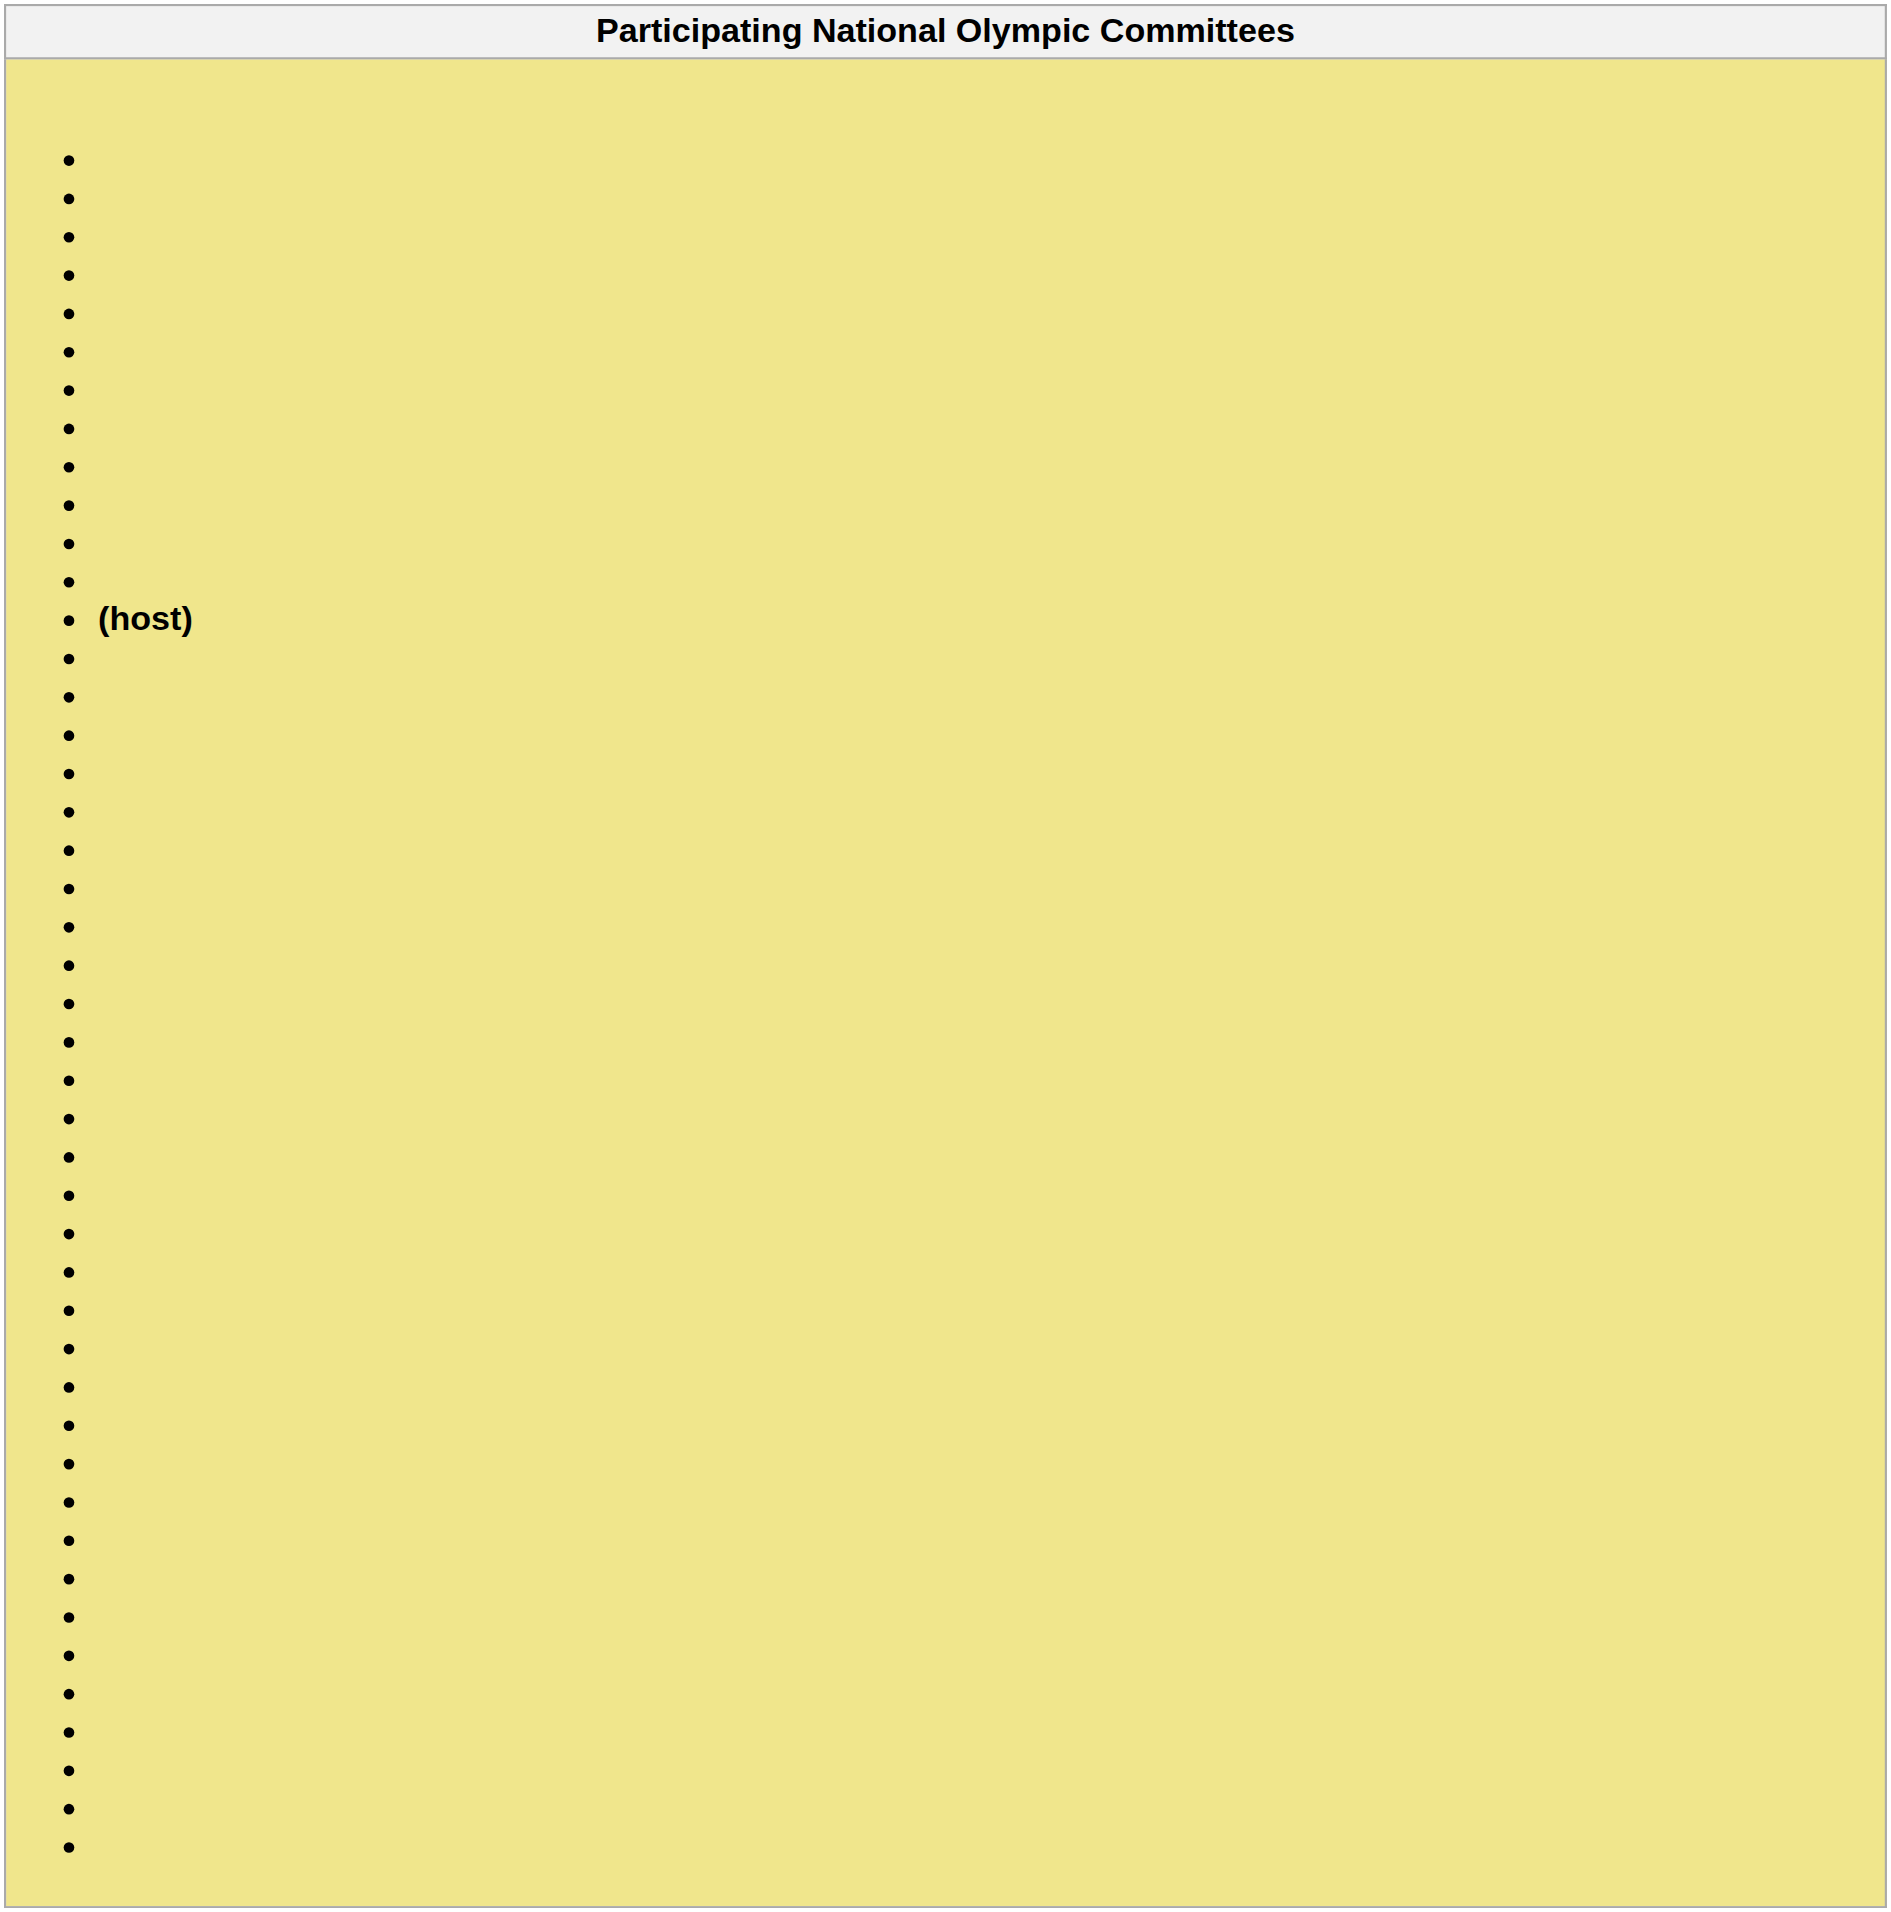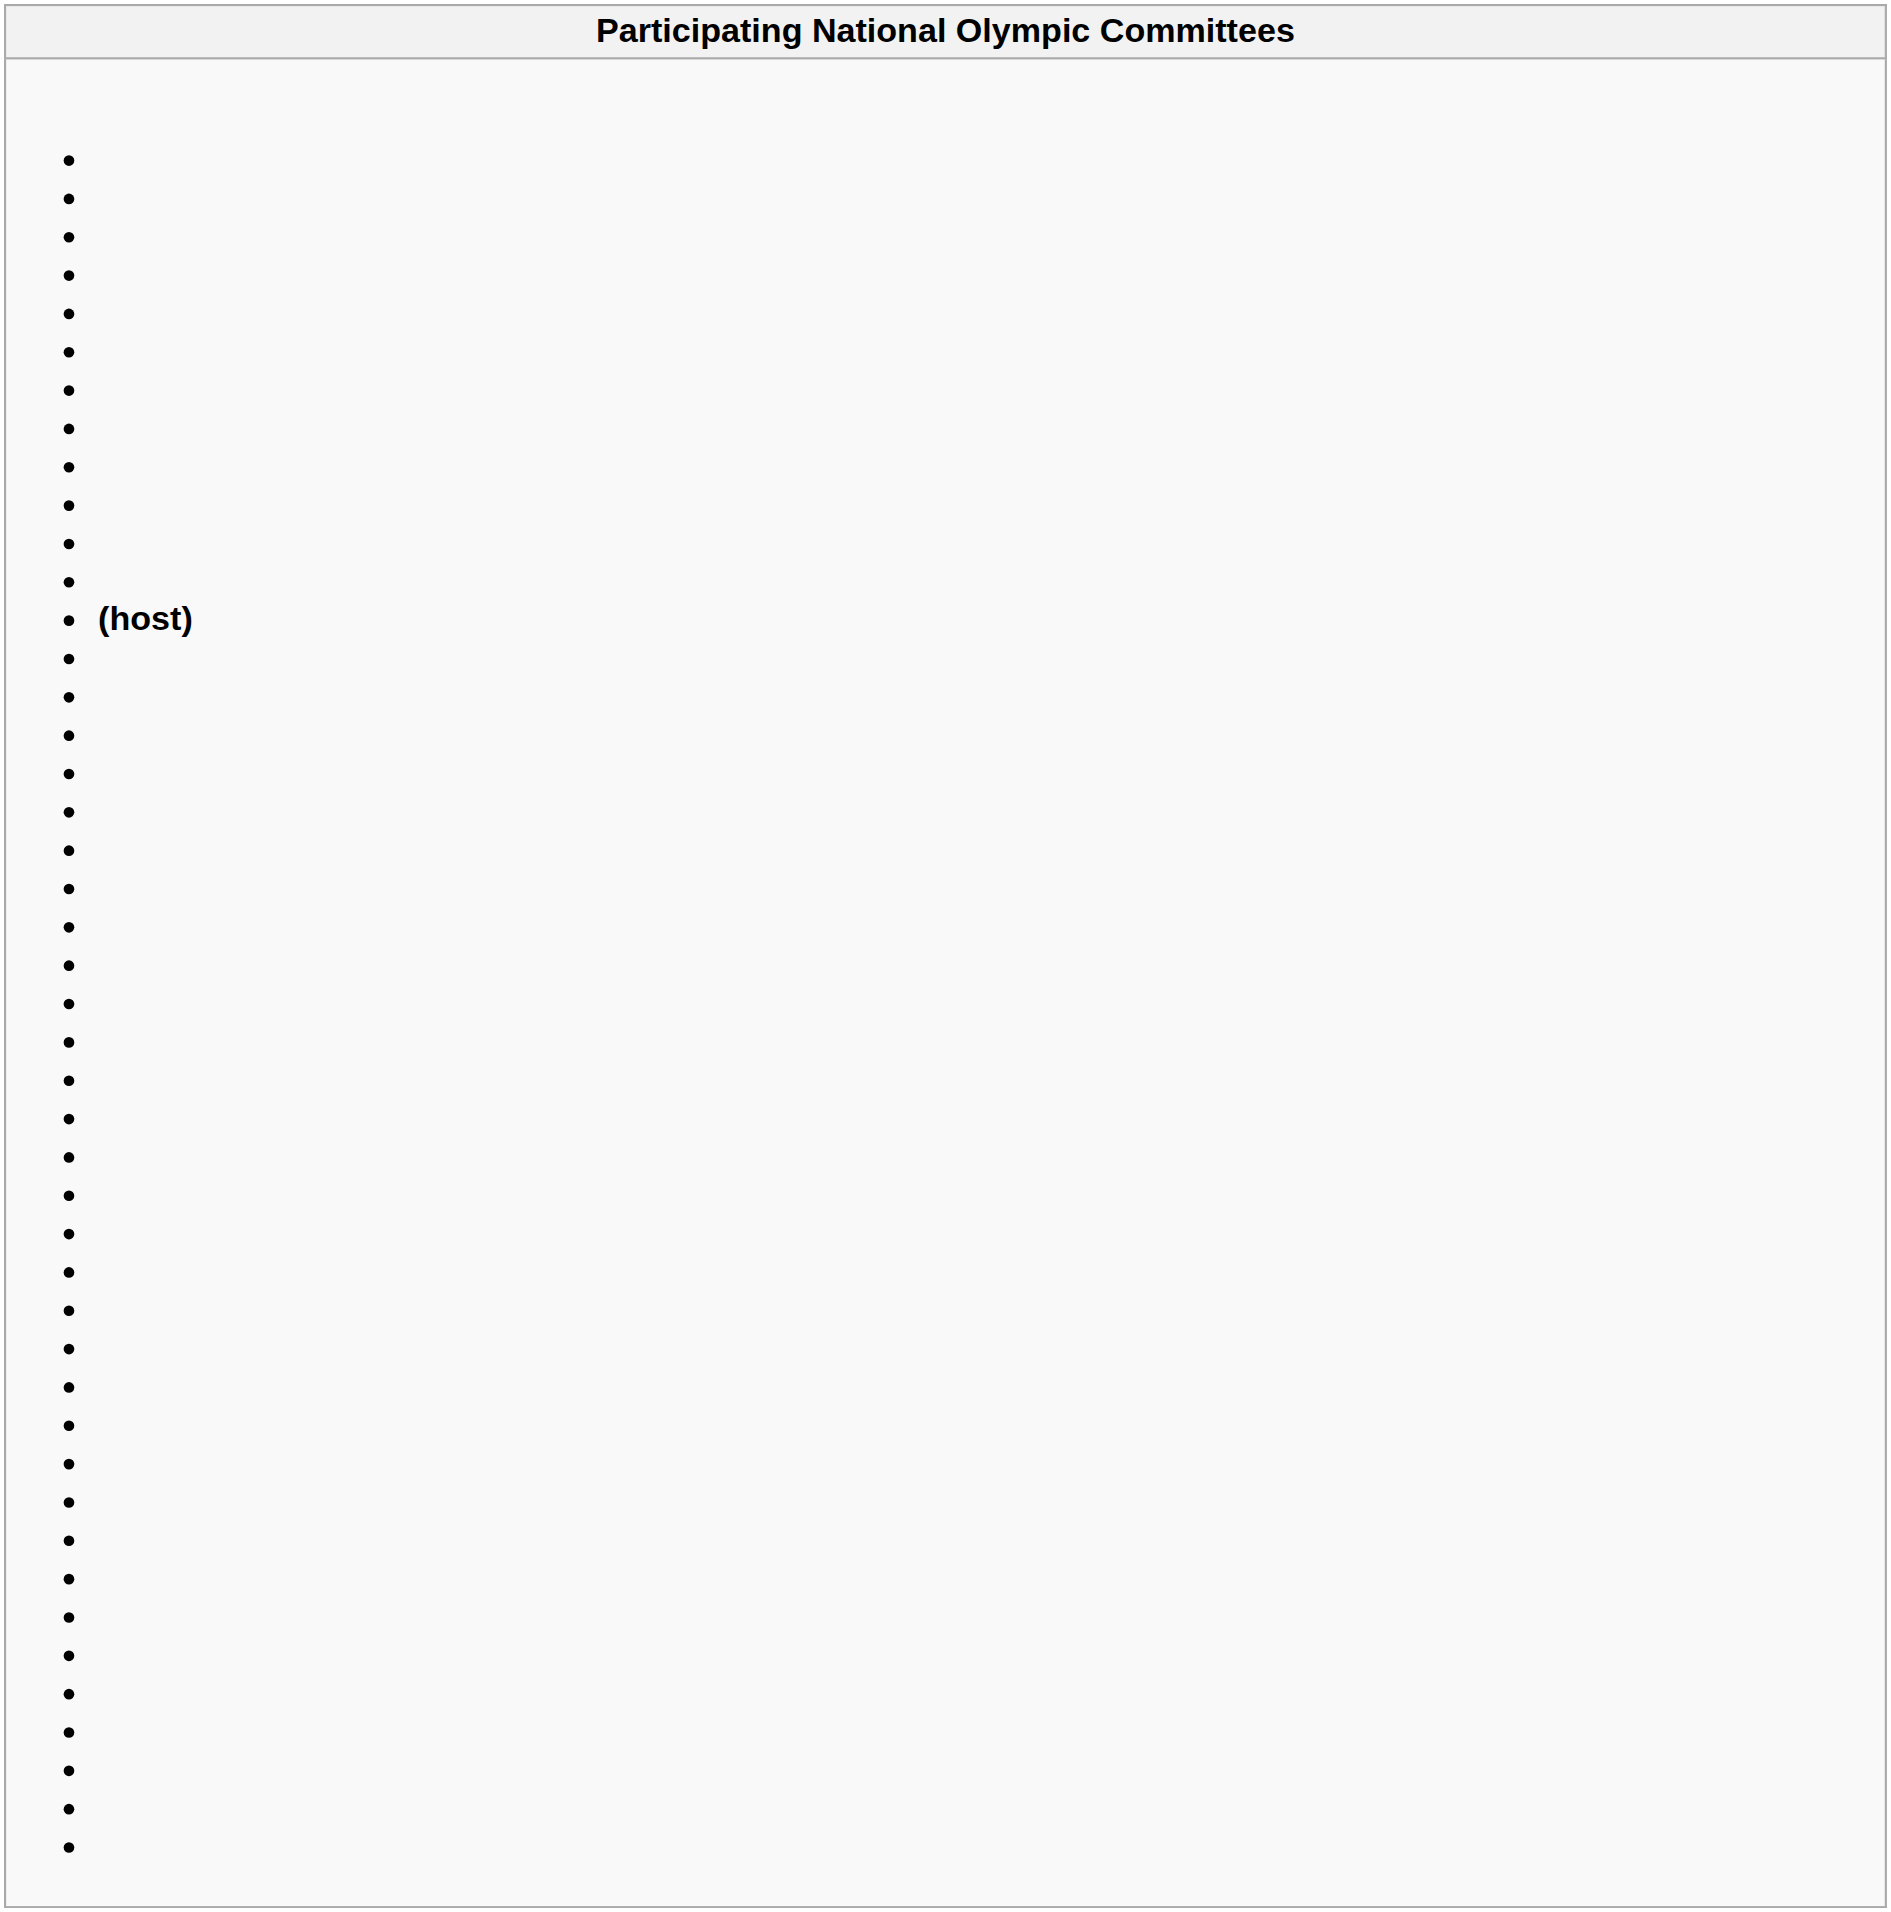 <table class="wikitable collapsible" style="width:100%;">
 <tr>
 <th>Participating National Olympic Committees</th>
 </tr>
 <tr>
-<td style="background: khaki;"><br><ul><li></li><li></li><li></li><li></li><li></li><li></li><li></li><li></li><li></li><li></li><li></li><li></li><li> <strong>(host)</strong></li><li></li><li></li><li></li><li></li><li></li><li></li><li></li><li></li><li></li><li></li><li></li><li></li><li></li><li></li><li></li><li></li><li></li><li></li><li></li><li></li><li></li><li></li><li></li><li></li><li></li><li></li><li></li><li></li><li></li><li></li><li></li><li></li></ul></td>
+<td><br><ul><li></li><li></li><li></li><li></li><li></li><li></li><li></li><li></li><li></li><li></li><li></li><li></li><li> <strong>(host)</strong></li><li></li><li></li><li></li><li></li><li></li><li></li><li></li><li></li><li></li><li></li><li></li><li></li><li></li><li></li><li></li><li></li><li></li><li></li><li></li><li></li><li></li><li></li><li></li><li></li><li></li><li></li><li></li><li></li><li></li><li></li><li></li><li></li></ul></td>
 </tr>
 </table>
